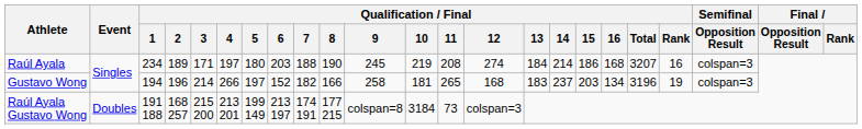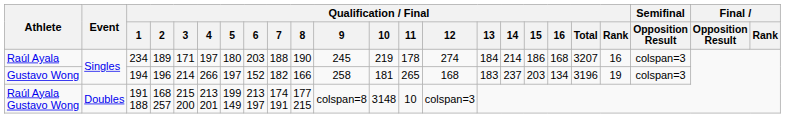 <table class=wikitable style=font-size:90%;text-align:center>
 <tr>
 <th rowspan=2>Athlete</th>
 <th rowspan=2>Event</th>
 <th colspan=18>Qualification / Final</th>
 <th>Semifinal</th>
 <th colspan=2>Final / </th>
 </tr>
 <tr style=font-size:95%>
 <th>1</th>
 <th>2</th>
 <th>3</th>
 <th>4</th>
 <th>5</th>
 <th>6</th>
 <th>7</th>
 <th>8</th>
 <th>9</th>
 <th>10</th>
 <th>11</th>
 <th>12</th>
 <th>13</th>
 <th>14</th>
 <th>15</th>
 <th>16</th>
 <th>Total</th>
 <th>Rank</th>
 <th>Opposition<br>Result</th>
 <th>Opposition<br>Result</th>
 <th>Rank</th>
 </tr>
 <tr align=center>
 <td align=left><a href='#'>Raúl Ayala</a></td>
 <td align=left rowspan=2><a href='#'>Singles</a></td>
 <td>234</td>
 <td>189</td>
 <td>171</td>
 <td>197</td>
 <td>180</td>
 <td>203</td>
 <td>188</td>
 <td>190</td>
 <td>245</td>
 <td>219</td>
-<td>208</td>
+<td>178</td>
 <td>274</td>
 <td>184</td>
 <td>214</td>
 <td>186</td>
 <td>168</td>
 <td>3207</td>
 <td>16</td>
 <td>colspan=3 </td>
 </tr>
 <tr align=center>
 <td align=left><a href='#'>Gustavo Wong</a></td>
 <td>194</td>
 <td>196</td>
 <td>214</td>
 <td>266</td>
 <td>197</td>
 <td>152</td>
 <td>182</td>
 <td>166</td>
 <td>258</td>
 <td>181</td>
 <td>265</td>
 <td>168</td>
 <td>183</td>
 <td>237</td>
 <td>203</td>
 <td>134</td>
 <td>3196</td>
 <td>19</td>
 <td>colspan=3 </td>
 </tr>
 <tr align=center>
 <td align=left><a href='#'>Raúl Ayala</a> <br> <a href='#'>Gustavo Wong</a></td>
 <td align=left rowspan=2><a href='#'>Doubles</a></td>
 <td>191 <br> 188</td>
 <td>168 <br> 257</td>
 <td>215 <br> 200</td>
 <td>213 <br> 201</td>
 <td>199 <br> 149</td>
 <td>213 <br> 197</td>
 <td>174 <br> 191</td>
 <td>177 <br> 215</td>
 <td>colspan=8 </td>
-<td>3184</td>
-<td>73</td>
+<td>3148</td>
+<td>10</td>
 <td>colspan=3 </td>
 </tr>
 </table>
